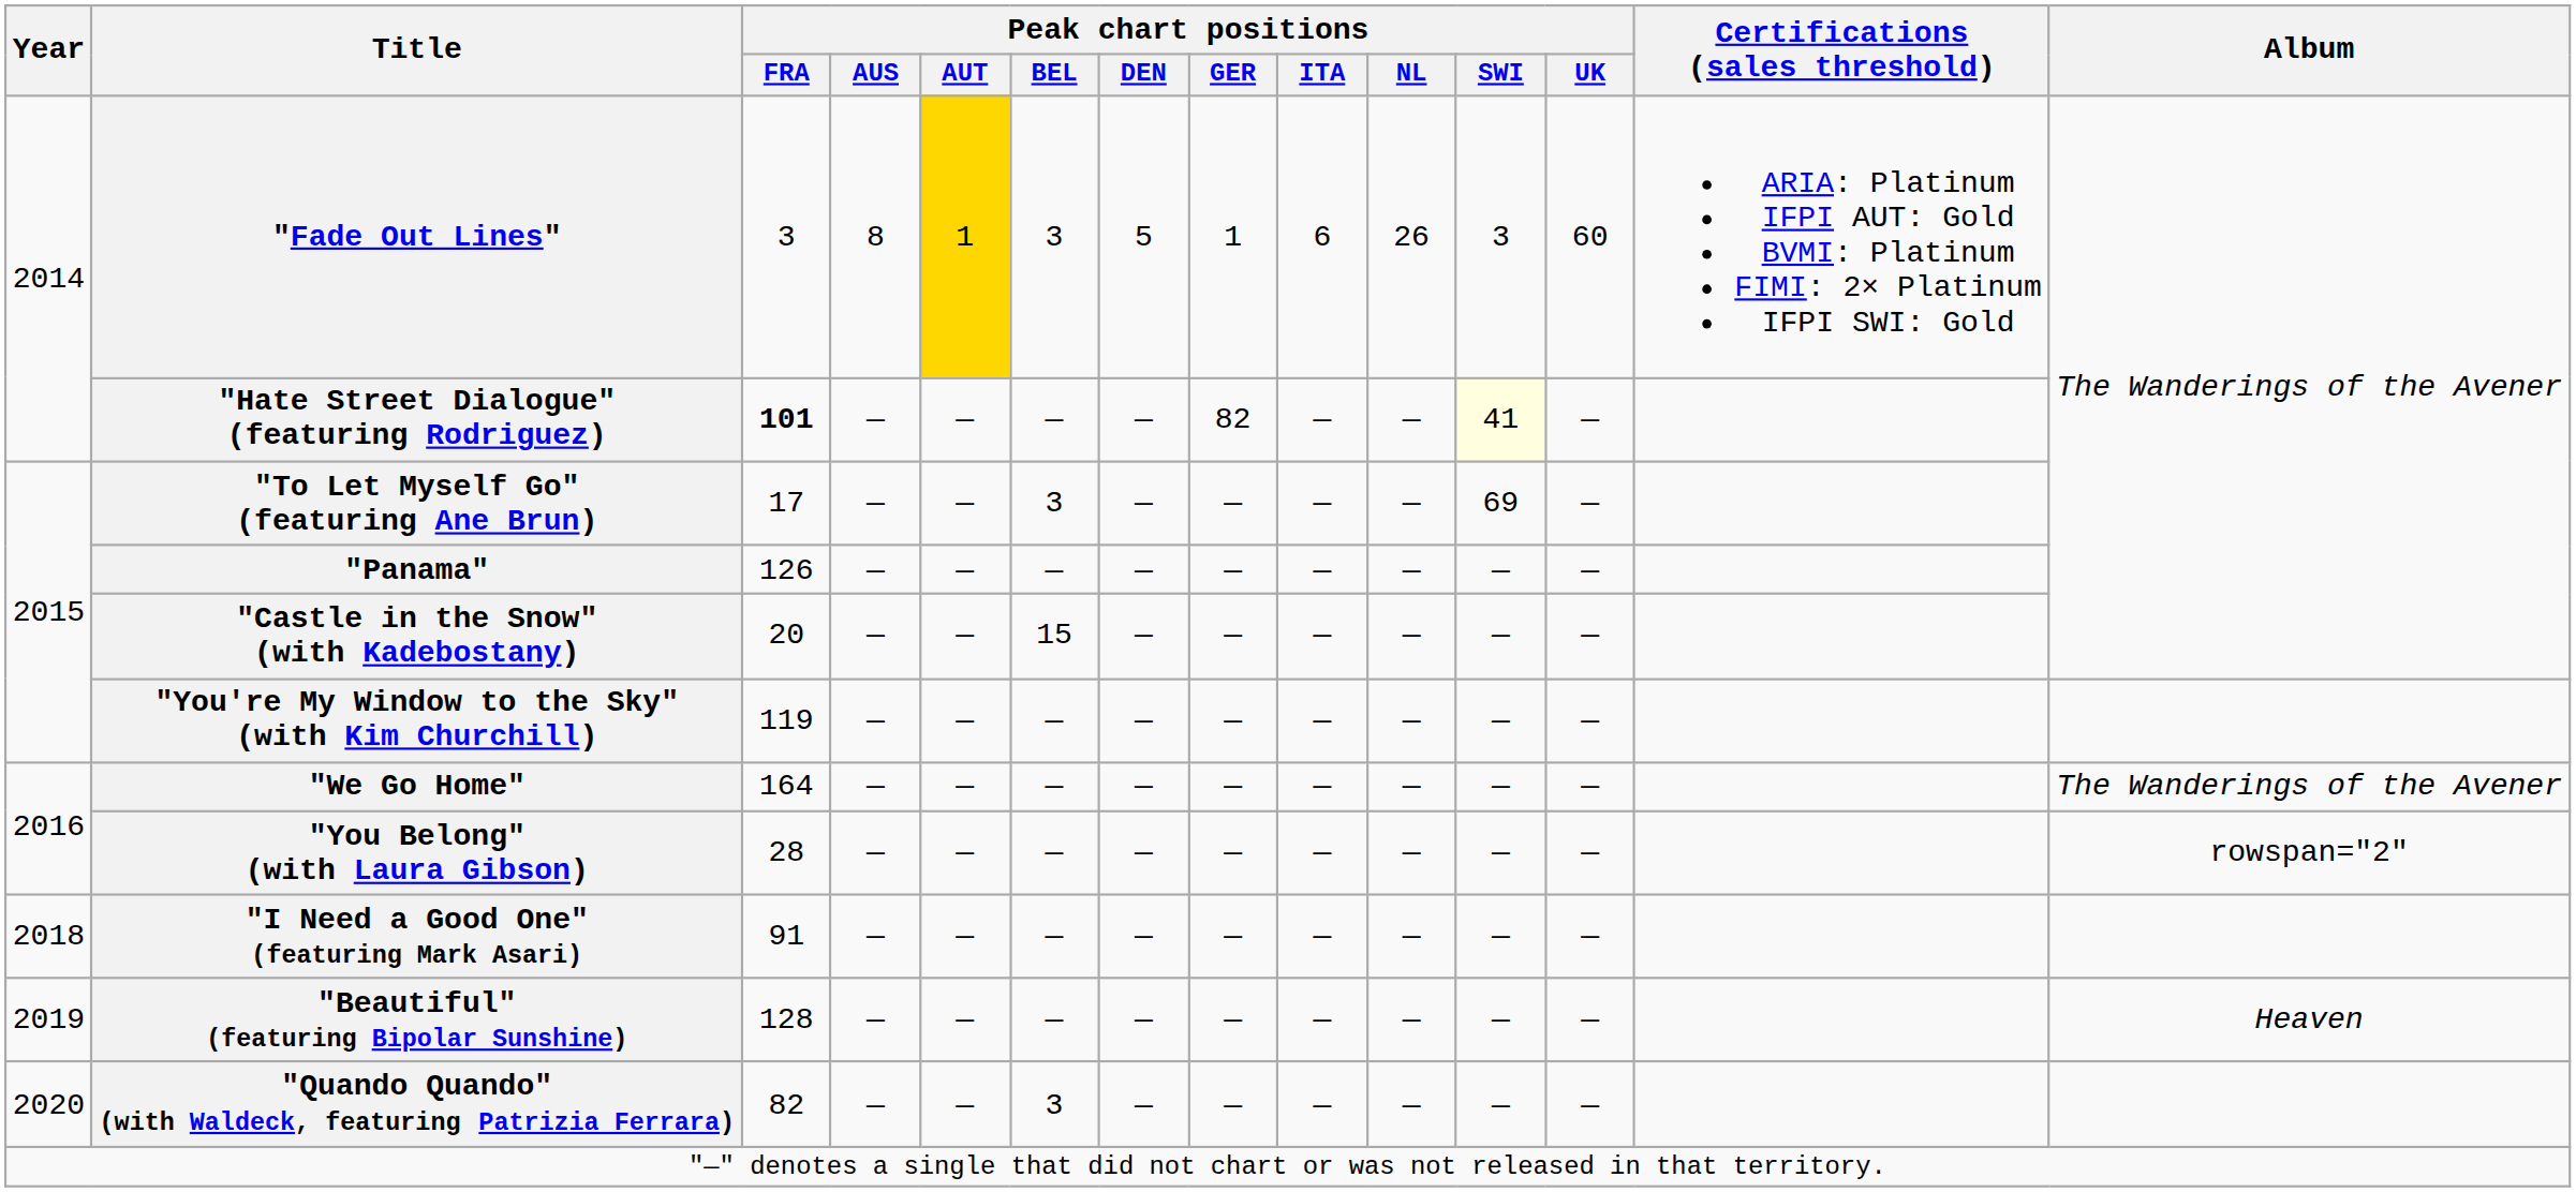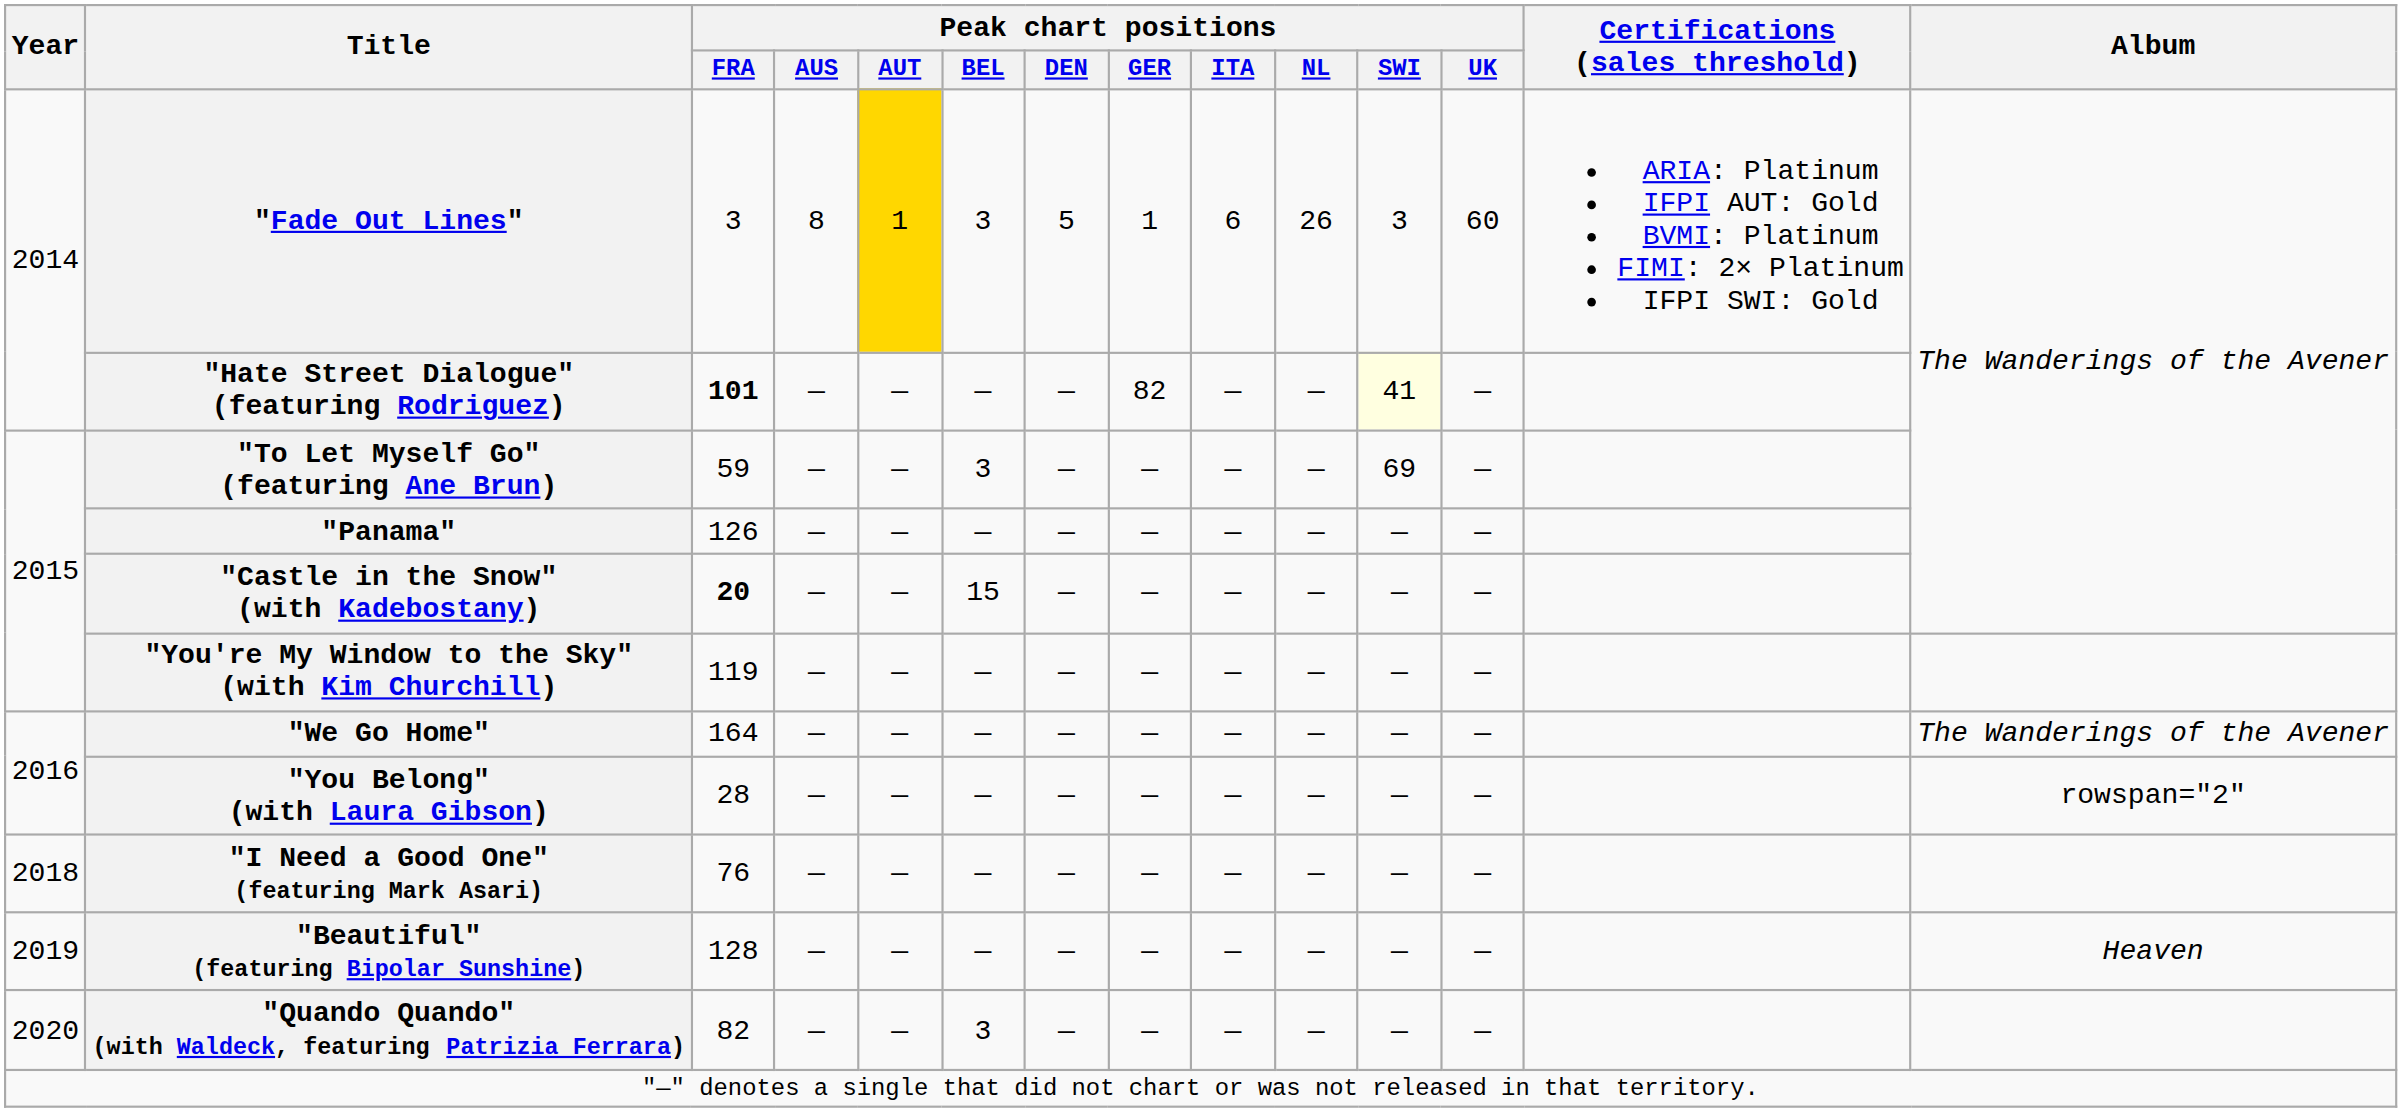 <table class="wikitable plainrowheaders" style="text-align:center;">
 <tr>
 <th scope="col" rowspan="2">Year</th>
 <th scope="col" rowspan="2">Title</th>
 <th scope="col" colspan="10">Peak chart positions</th>
 <th scope="col" rowspan="2"><a href='#'>Certifications</a><br><span>(<a href='#'>sales threshold</a>)</span></th>
 <th scope="col" rowspan="2">Album</th>
 </tr>
 <tr>
 <th scope="col" style="width:3em;font-size:85%;"><a href='#'>FRA</a><br></th>
 <th scope="col" style="width:3em;font-size:85%;"><a href='#'>AUS</a><br></th>
 <th scope="col" style="width:3em;font-size:85%;"><a href='#'>AUT</a><br></th>
 <th scope="col" style="width:3em;font-size:85%;"><a href='#'>BEL</a><br></th>
 <th scope="col" style="width:3em;font-size:85%;"><a href='#'>DEN</a><br></th>
 <th scope="col" style="width:3em;font-size:85%;"><a href='#'>GER</a><br></th>
 <th scope="col" style="width:3em;font-size:85%;"><a href='#'>ITA</a><br></th>
 <th scope="col" style="width:3em;font-size:85%;"><a href='#'>NL</a><br></th>
 <th scope="col" style="width:3em;font-size:85%;"><a href='#'>SWI</a><br></th>
 <th scope="col" style="width:3em;font-size:85%;"><a href='#'>UK</a><br></th>
 </tr>
 <tr>
 <td rowspan="2">2014</td>
 <th scope="row">"<a href='#'>Fade Out Lines</a>"</th>
 <td>3</td>
 <td>8</td>
 <td style="background: gold;">1</td>
 <td>3</td>
 <td>5</td>
 <td>1</td>
 <td>6</td>
 <td>26</td>
 <td>3</td>
 <td>60</td>
 <td><br><ul><li><a href='#'>ARIA</a>: Platinum</li><li><a href='#'>IFPI</a> AUT: Gold</li><li><a href='#'>BVMI</a>: Platinum</li><li><a href='#'>FIMI</a>: 2× Platinum</li><li>IFPI SWI: Gold</li></ul></td>
 <td rowspan="5"><em>The Wanderings of the Avener</em></td>
 </tr>
 <tr>
 <th scope="row">"Hate Street Dialogue"<br><span>(featuring <a href='#'>Rodriguez</a>)</span></th>
 <td><strong>101</strong></td>
 <td>—</td>
 <td>—</td>
 <td>—</td>
 <td>—</td>
 <td>82</td>
 <td>—</td>
 <td>—</td>
 <td style="background: lightyellow;">41</td>
 <td>—</td>
 <td></td>
 </tr>
 <tr>
 <td rowspan="4">2015</td>
 <th scope="row">"To Let Myself Go"<br><span>(featuring <a href='#'>Ane Brun</a>)</span></th>
-<td>17</td>
+<td>59</td>
 <td>—</td>
 <td>—</td>
 <td>3</td>
 <td>—</td>
 <td>—</td>
 <td>—</td>
 <td>—</td>
 <td>69</td>
 <td>—</td>
 <td></td>
 </tr>
 <tr>
 <th scope="row">"Panama"</th>
 <td>126</td>
 <td>—</td>
 <td>—</td>
 <td>—</td>
 <td>—</td>
 <td>—</td>
 <td>—</td>
 <td>—</td>
 <td>—</td>
 <td>—</td>
 <td></td>
 </tr>
 <tr>
 <th scope="row">"Castle in the Snow"<br><span>(with <a href='#'>Kadebostany</a>)</span></th>
-<td>20</td>
+<td><strong>20</strong></td>
 <td>—</td>
 <td>—</td>
 <td>15</td>
 <td>—</td>
 <td>—</td>
 <td>—</td>
 <td>—</td>
 <td>—</td>
 <td>—</td>
 <td></td>
 </tr>
 <tr>
 <th scope="row">"You're My Window to the Sky"<br><span>(with <a href='#'>Kim Churchill</a>)</span></th>
 <td>119</td>
 <td>—</td>
 <td>—</td>
 <td>—</td>
 <td>—</td>
 <td>—</td>
 <td>—</td>
 <td>—</td>
 <td>—</td>
 <td>—</td>
 <td></td>
 <td></td>
 </tr>
 <tr>
 <td rowspan="2">2016</td>
 <th scope="row">"We Go Home"</th>
 <td>164</td>
 <td>—</td>
 <td>—</td>
 <td>—</td>
 <td>—</td>
 <td>—</td>
 <td>—</td>
 <td>—</td>
 <td>—</td>
 <td>—</td>
 <td></td>
 <td><em>The Wanderings of the Avener</em></td>
 </tr>
 <tr>
 <th scope="row">"You Belong"<br><span>(with <a href='#'>Laura Gibson</a>)</span></th>
 <td>28</td>
 <td>—</td>
 <td>—</td>
 <td>—</td>
 <td>—</td>
 <td>—</td>
 <td>—</td>
 <td>—</td>
 <td>—</td>
 <td>—</td>
 <td></td>
 <td>rowspan="2" </td>
 </tr>
 <tr>
 <td>2018</td>
 <th scope="row">"I Need a Good One"<br><small>(featuring Mark Asari)</small></th>
-<td>91</td>
+<td>76</td>
 <td>—</td>
 <td>—</td>
 <td>—</td>
 <td>—</td>
 <td>—</td>
 <td>—</td>
 <td>—</td>
 <td>—</td>
 <td>—</td>
 <td></td>
 </tr>
 <tr>
 <td>2019</td>
 <th scope="row">"Beautiful"<br><small>(featuring <a href='#'>Bipolar Sunshine</a>)</small></th>
 <td>128</td>
 <td>—</td>
 <td>—</td>
 <td>—</td>
 <td>—</td>
 <td>—</td>
 <td>—</td>
 <td>—</td>
 <td>—</td>
 <td>—</td>
 <td></td>
 <td><em>Heaven</em></td>
 </tr>
 <tr>
 <td>2020</td>
 <th scope="row">"Quando Quando"<br><small>(with <a href='#'>Waldeck</a>, featuring</small> <small><a href='#'>Patrizia Ferrara</a>)</small></th>
 <td>82</td>
 <td>—</td>
 <td>—</td>
 <td>3</td>
 <td>—</td>
 <td>—</td>
 <td>—</td>
 <td>—</td>
 <td>—</td>
 <td>—</td>
 <td></td>
 <td></td>
 </tr>
 <tr>
 <td colspan="20" style="font-size:85%">"—" denotes a single that did not chart or was not released in that territory.</td>
 </tr>
 </table>
